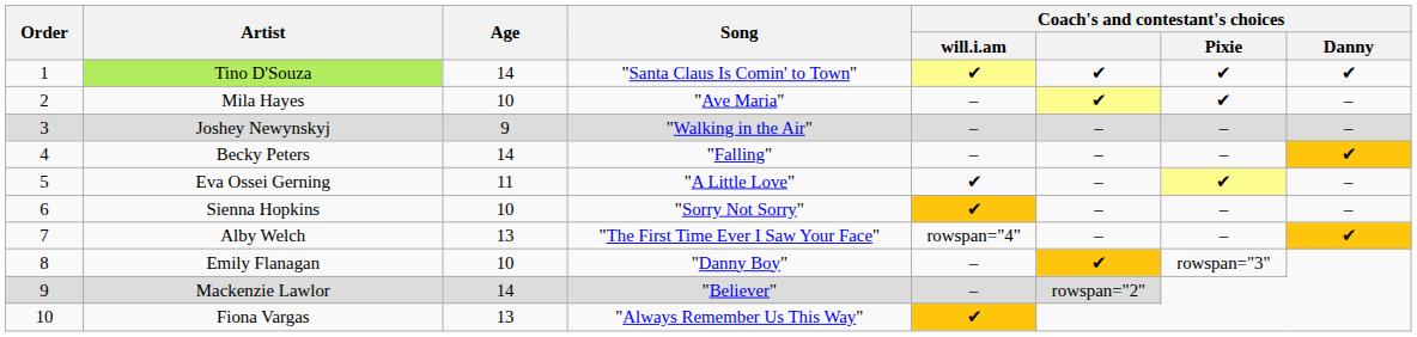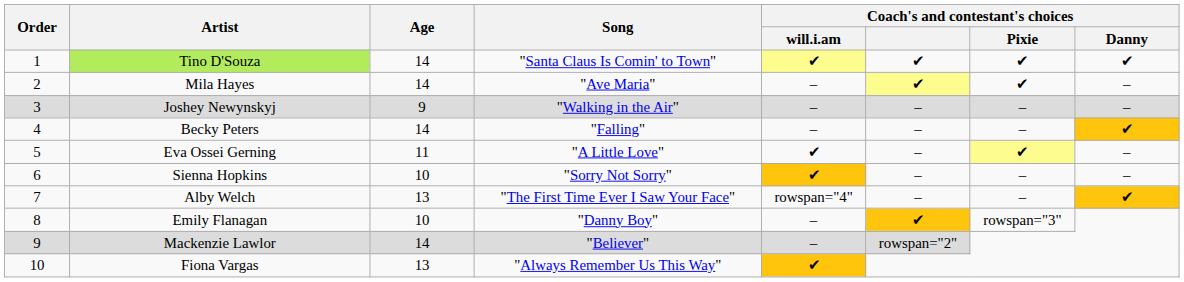 <table class="wikitable" style="text-align:center; line-height:17px; font-size:100%; width:100%">
 <tr>
 <th scope="col" rowspan="2" width="05%">Order</th>
 <th scope="col" rowspan="2" width="23%">Artist</th>
 <th scope="col" rowspan="2" width="08%">Age</th>
 <th scope="col" rowspan="2" width="22%">Song</th>
 <th scope="col" colspan="4" width="24%">Coach's and contestant's choices</th>
 </tr>
 <tr>
 <th width="8%">will.i.am</th>
 <th width="8%"></th>
 <th width="8%">Pixie</th>
 <th width="8%">Danny</th>
 </tr>
 <tr>
 <td>1</td>
 <td style="background-color:#B2EC5D;">Tino D'Souza</td>
 <td>14</td>
 <td>"<a href='#'>Santa Claus Is Comin' to Town</a>"</td>
 <td style="background:#fdfc8f">✔</td>
 <td>✔</td>
 <td>✔</td>
 <td>✔</td>
 </tr>
 <tr>
 <td>2</td>
 <td>Mila Hayes</td>
-<td>10</td>
+<td>14</td>
 <td>"<a href='#'>Ave Maria</a>"</td>
 <td>–</td>
 <td style="background:#fdfc8f">✔</td>
 <td>✔</td>
 <td>–</td>
 </tr>
 <tr bgcolor="#dcdcdc">
 <td>3</td>
 <td>Joshey Newynskyj</td>
 <td>9</td>
 <td>"<a href='#'>Walking in the Air</a>"</td>
 <td>–</td>
 <td>–</td>
 <td>–</td>
 <td>–</td>
 </tr>
 <tr>
 <td>4</td>
 <td>Becky Peters</td>
 <td>14</td>
 <td>"<a href='#'>Falling</a>"</td>
 <td>–</td>
 <td>–</td>
 <td>–</td>
 <td style="background:#FFC40C">✔</td>
 </tr>
 <tr>
 <td>5</td>
 <td>Eva Ossei Gerning</td>
 <td>11</td>
 <td>"<a href='#'>A Little Love</a>"</td>
 <td>✔</td>
 <td>–</td>
 <td style="background:#fdfc8f">✔</td>
 <td>–</td>
 </tr>
 <tr>
 <td>6</td>
 <td>Sienna Hopkins</td>
 <td>10</td>
 <td>"<a href='#'>Sorry Not Sorry</a>"</td>
 <td style="background:#FFC40C">✔</td>
 <td>–</td>
 <td>–</td>
 <td>–</td>
 </tr>
 <tr>
 <td>7</td>
 <td>Alby Welch</td>
 <td>13</td>
 <td>"<a href='#'>The First Time Ever I Saw Your Face</a>"</td>
 <td>rowspan="4" </td>
 <td>–</td>
 <td>–</td>
 <td style="background:#FFC40C">✔</td>
 </tr>
 <tr>
 <td>8</td>
 <td>Emily Flanagan</td>
 <td>10</td>
 <td>"<a href='#'>Danny Boy</a>"</td>
 <td>–</td>
 <td style="background:#FFC40C">✔</td>
 <td>rowspan="3" </td>
 </tr>
 <tr bgcolor="#dcdcdc">
 <td>9</td>
 <td>Mackenzie Lawlor</td>
 <td>14</td>
 <td>"<a href='#'>Believer</a>"</td>
 <td>–</td>
 <td>rowspan="2" </td>
 </tr>
 <tr>
 <td>10</td>
 <td>Fiona Vargas</td>
 <td>13</td>
 <td>"<a href='#'>Always Remember Us This Way</a>"</td>
 <td style="background:#FFC40C">✔</td>
 </tr>
 </table>
